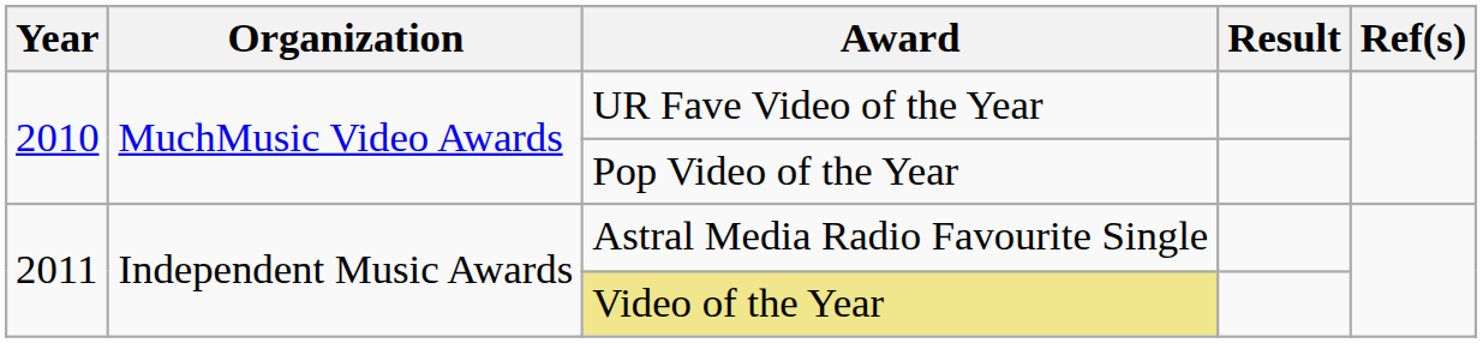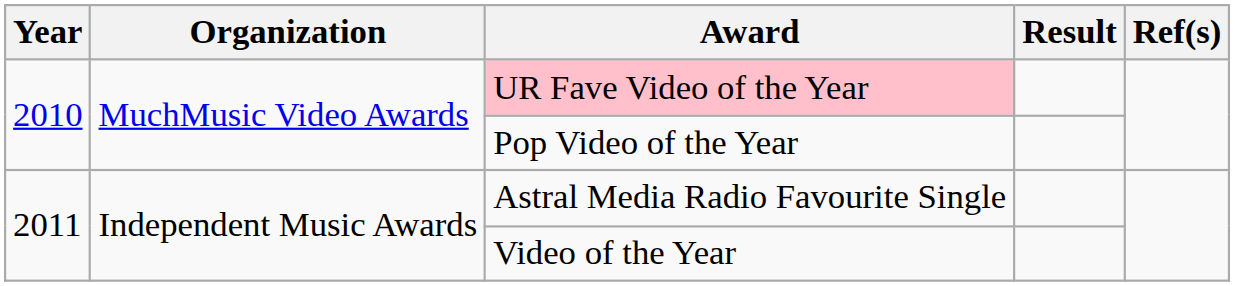 <table class="wikitable plainrowheaders">
 <tr align=center>
 <th scope="col">Year</th>
 <th scope="col">Organization</th>
 <th scope="col">Award</th>
 <th scope="col">Result</th>
 <th scope="col">Ref(s)</th>
 </tr>
 <tr>
 <td rowspan="2"><a href='#'>2010</a></td>
 <td rowspan="2"><a href='#'>MuchMusic Video Awards</a></td>
-<td>UR Fave Video of the Year</td>
+<td style="background: pink;">UR Fave Video of the Year</td>
 <td></td>
 <td style="text-align:center;" rowspan="2"></td>
 </tr>
 <tr>
 <td>Pop Video of the Year</td>
 <td></td>
 </tr>
 <tr>
 <td rowspan="2">2011</td>
 <td rowspan="2">Independent Music Awards</td>
 <td>Astral Media Radio Favourite Single</td>
 <td></td>
 <td style="text-align:center;" rowspan="2"></td>
 </tr>
 <tr>
-<td style="background: khaki;">Video of the Year</td>
+<td>Video of the Year</td>
 <td></td>
 </tr>
 </table>
